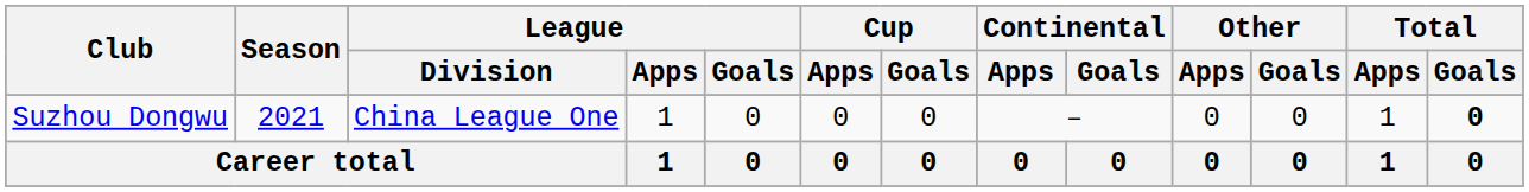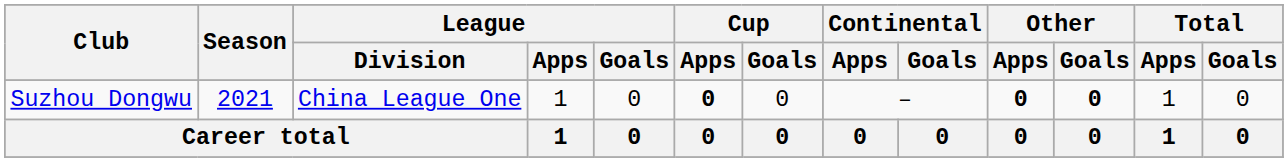 <table class="wikitable" style="text-align: center">
 <tr>
 <th rowspan="2">Club</th>
 <th rowspan="2">Season</th>
 <th colspan="3">League</th>
 <th colspan="2">Cup</th>
 <th colspan="2">Continental</th>
 <th colspan="2">Other</th>
 <th colspan="2">Total</th>
 </tr>
 <tr>
 <th>Division</th>
 <th>Apps</th>
 <th>Goals</th>
 <th>Apps</th>
 <th>Goals</th>
 <th>Apps</th>
 <th>Goals</th>
 <th>Apps</th>
 <th>Goals</th>
 <th>Apps</th>
 <th>Goals</th>
 </tr>
 <tr>
 <td><a href='#'>Suzhou Dongwu</a></td>
 <td><a href='#'>2021</a></td>
 <td><a href='#'>China League One</a></td>
 <td>1</td>
 <td>0</td>
-<td>0</td>
+<td><strong>0</strong></td>
 <td>0</td>
 <td colspan="2">–</td>
+<td><strong>0</strong></td>
+<td><strong>0</strong></td>
+<td>1</td>
 <td>0</td>
-<td>0</td>
-<td>1</td>
-<td><strong>0</strong></td>
 </tr>
 <tr>
 <th colspan=3>Career total</th>
 <th>1</th>
 <th>0</th>
 <th>0</th>
 <th>0</th>
 <th>0</th>
 <th>0</th>
 <th>0</th>
 <th>0</th>
 <th>1</th>
 <th>0</th>
 </tr>
 </table>
